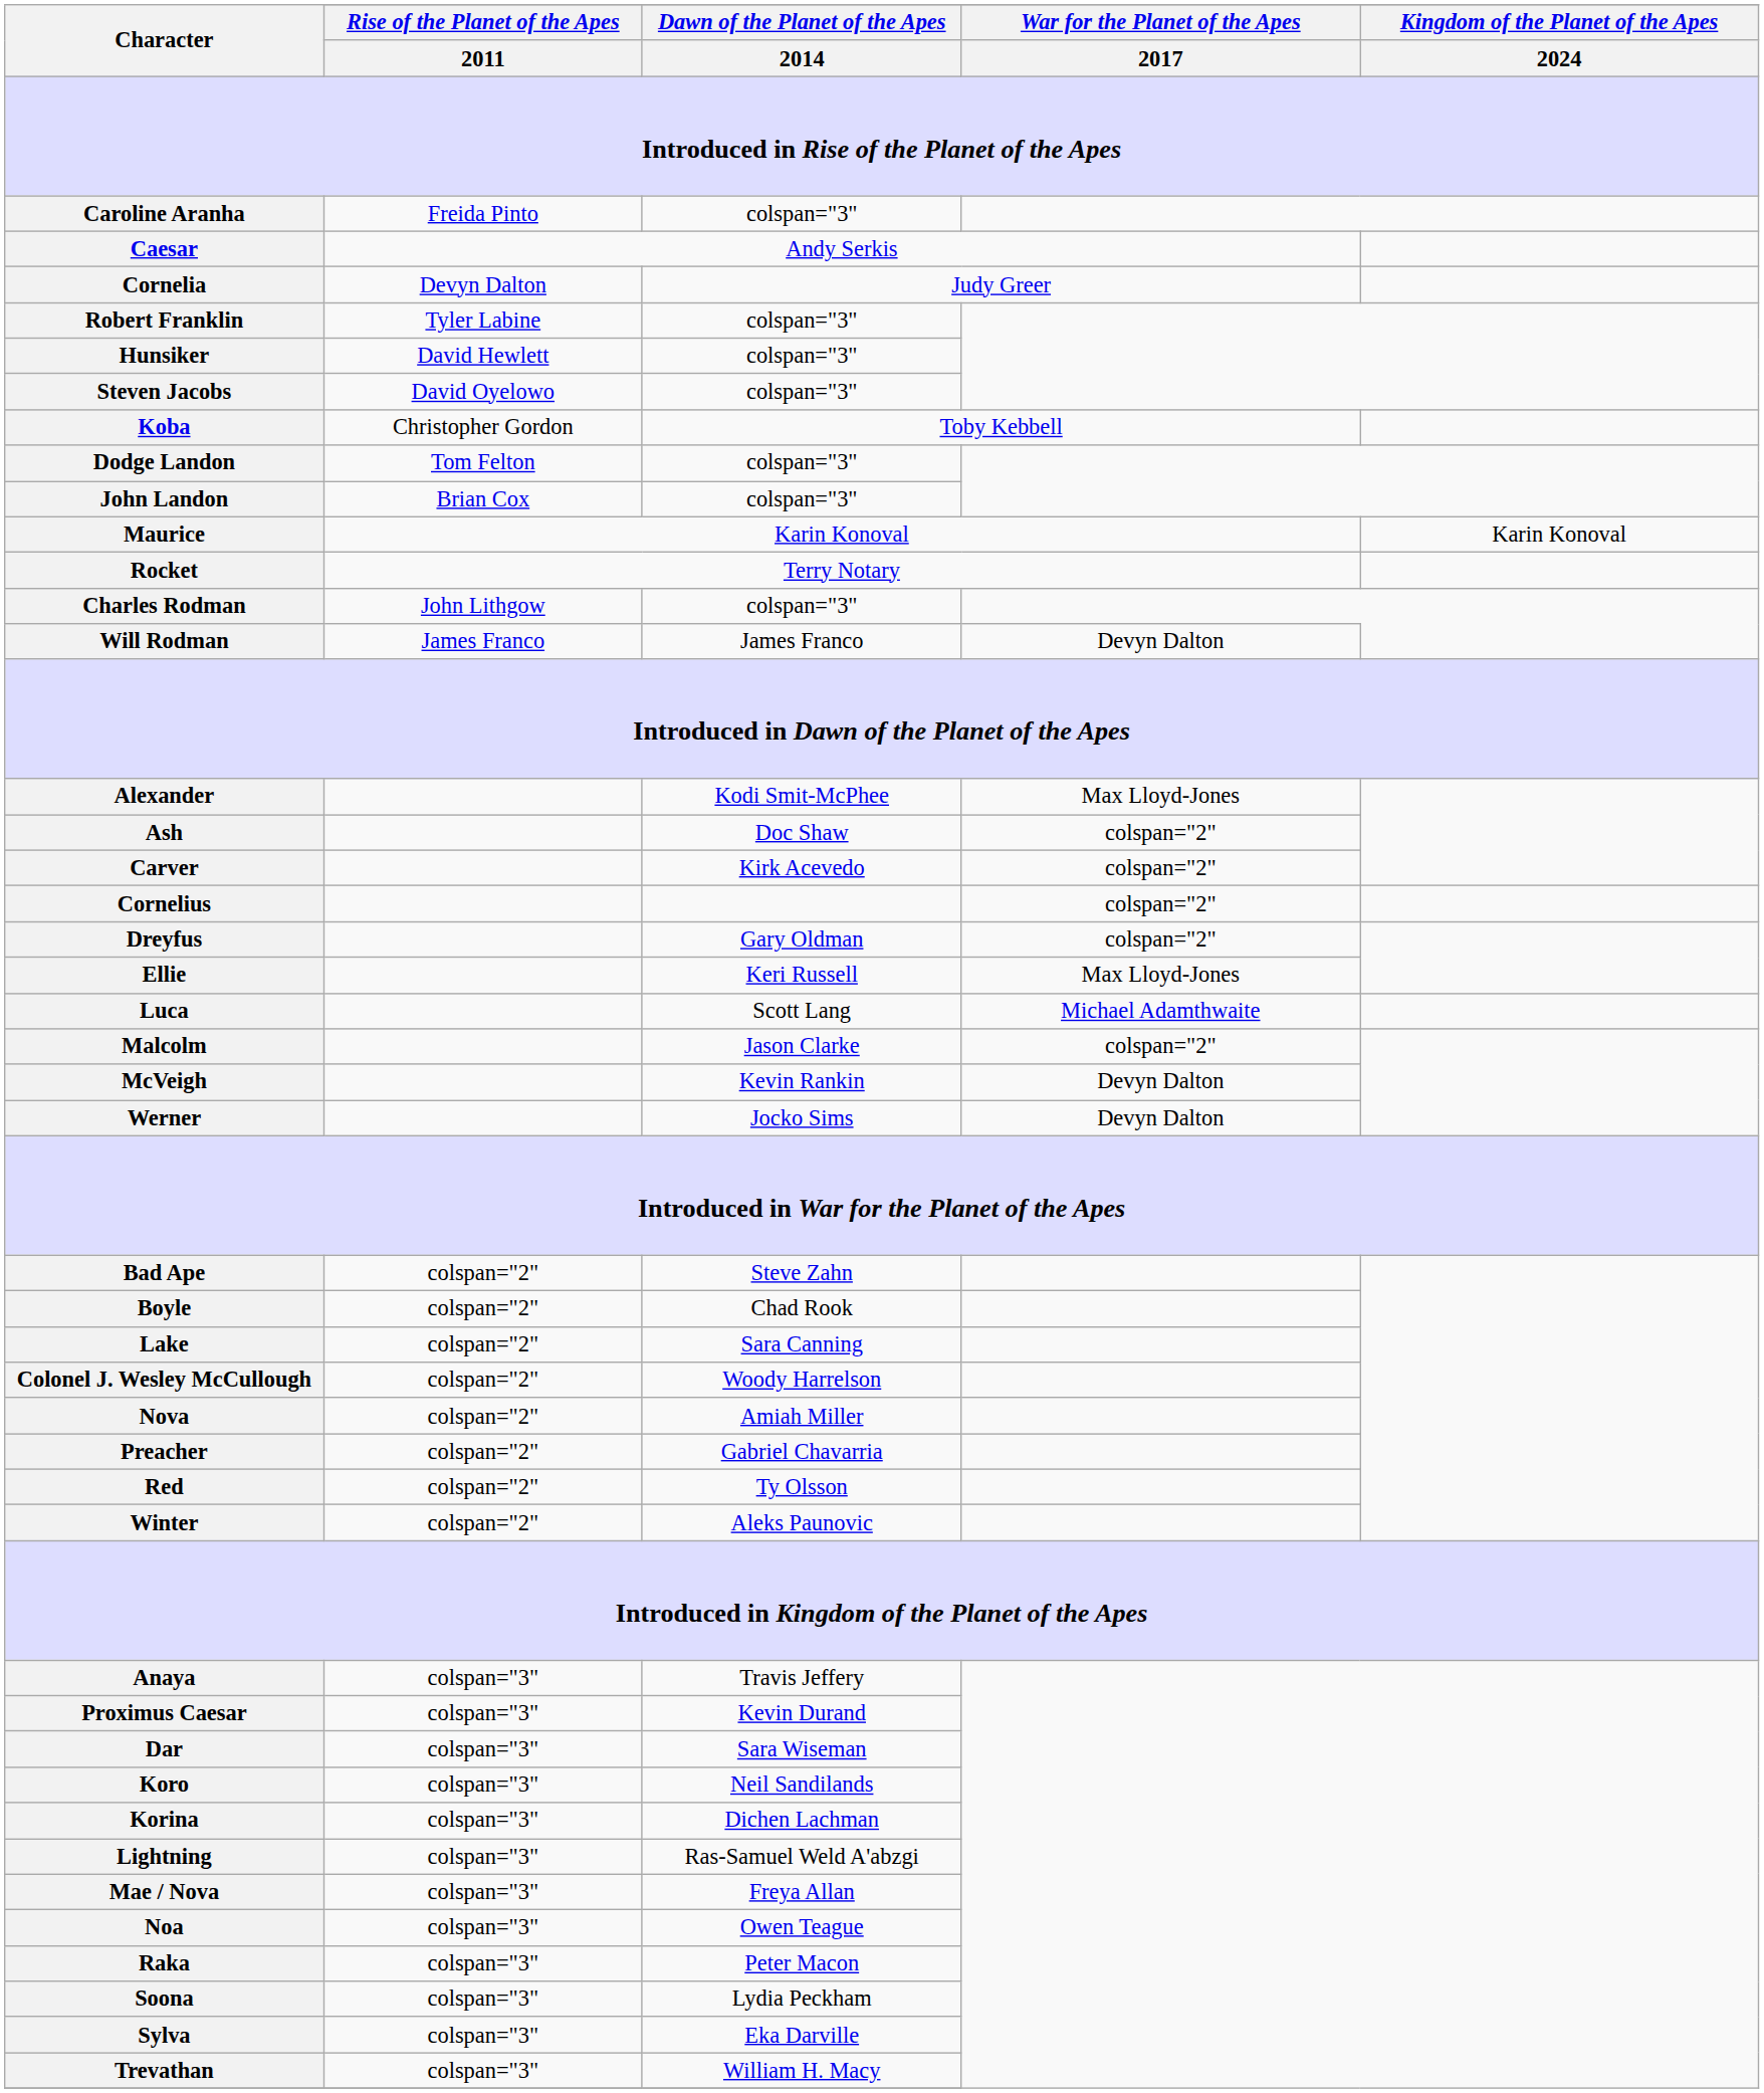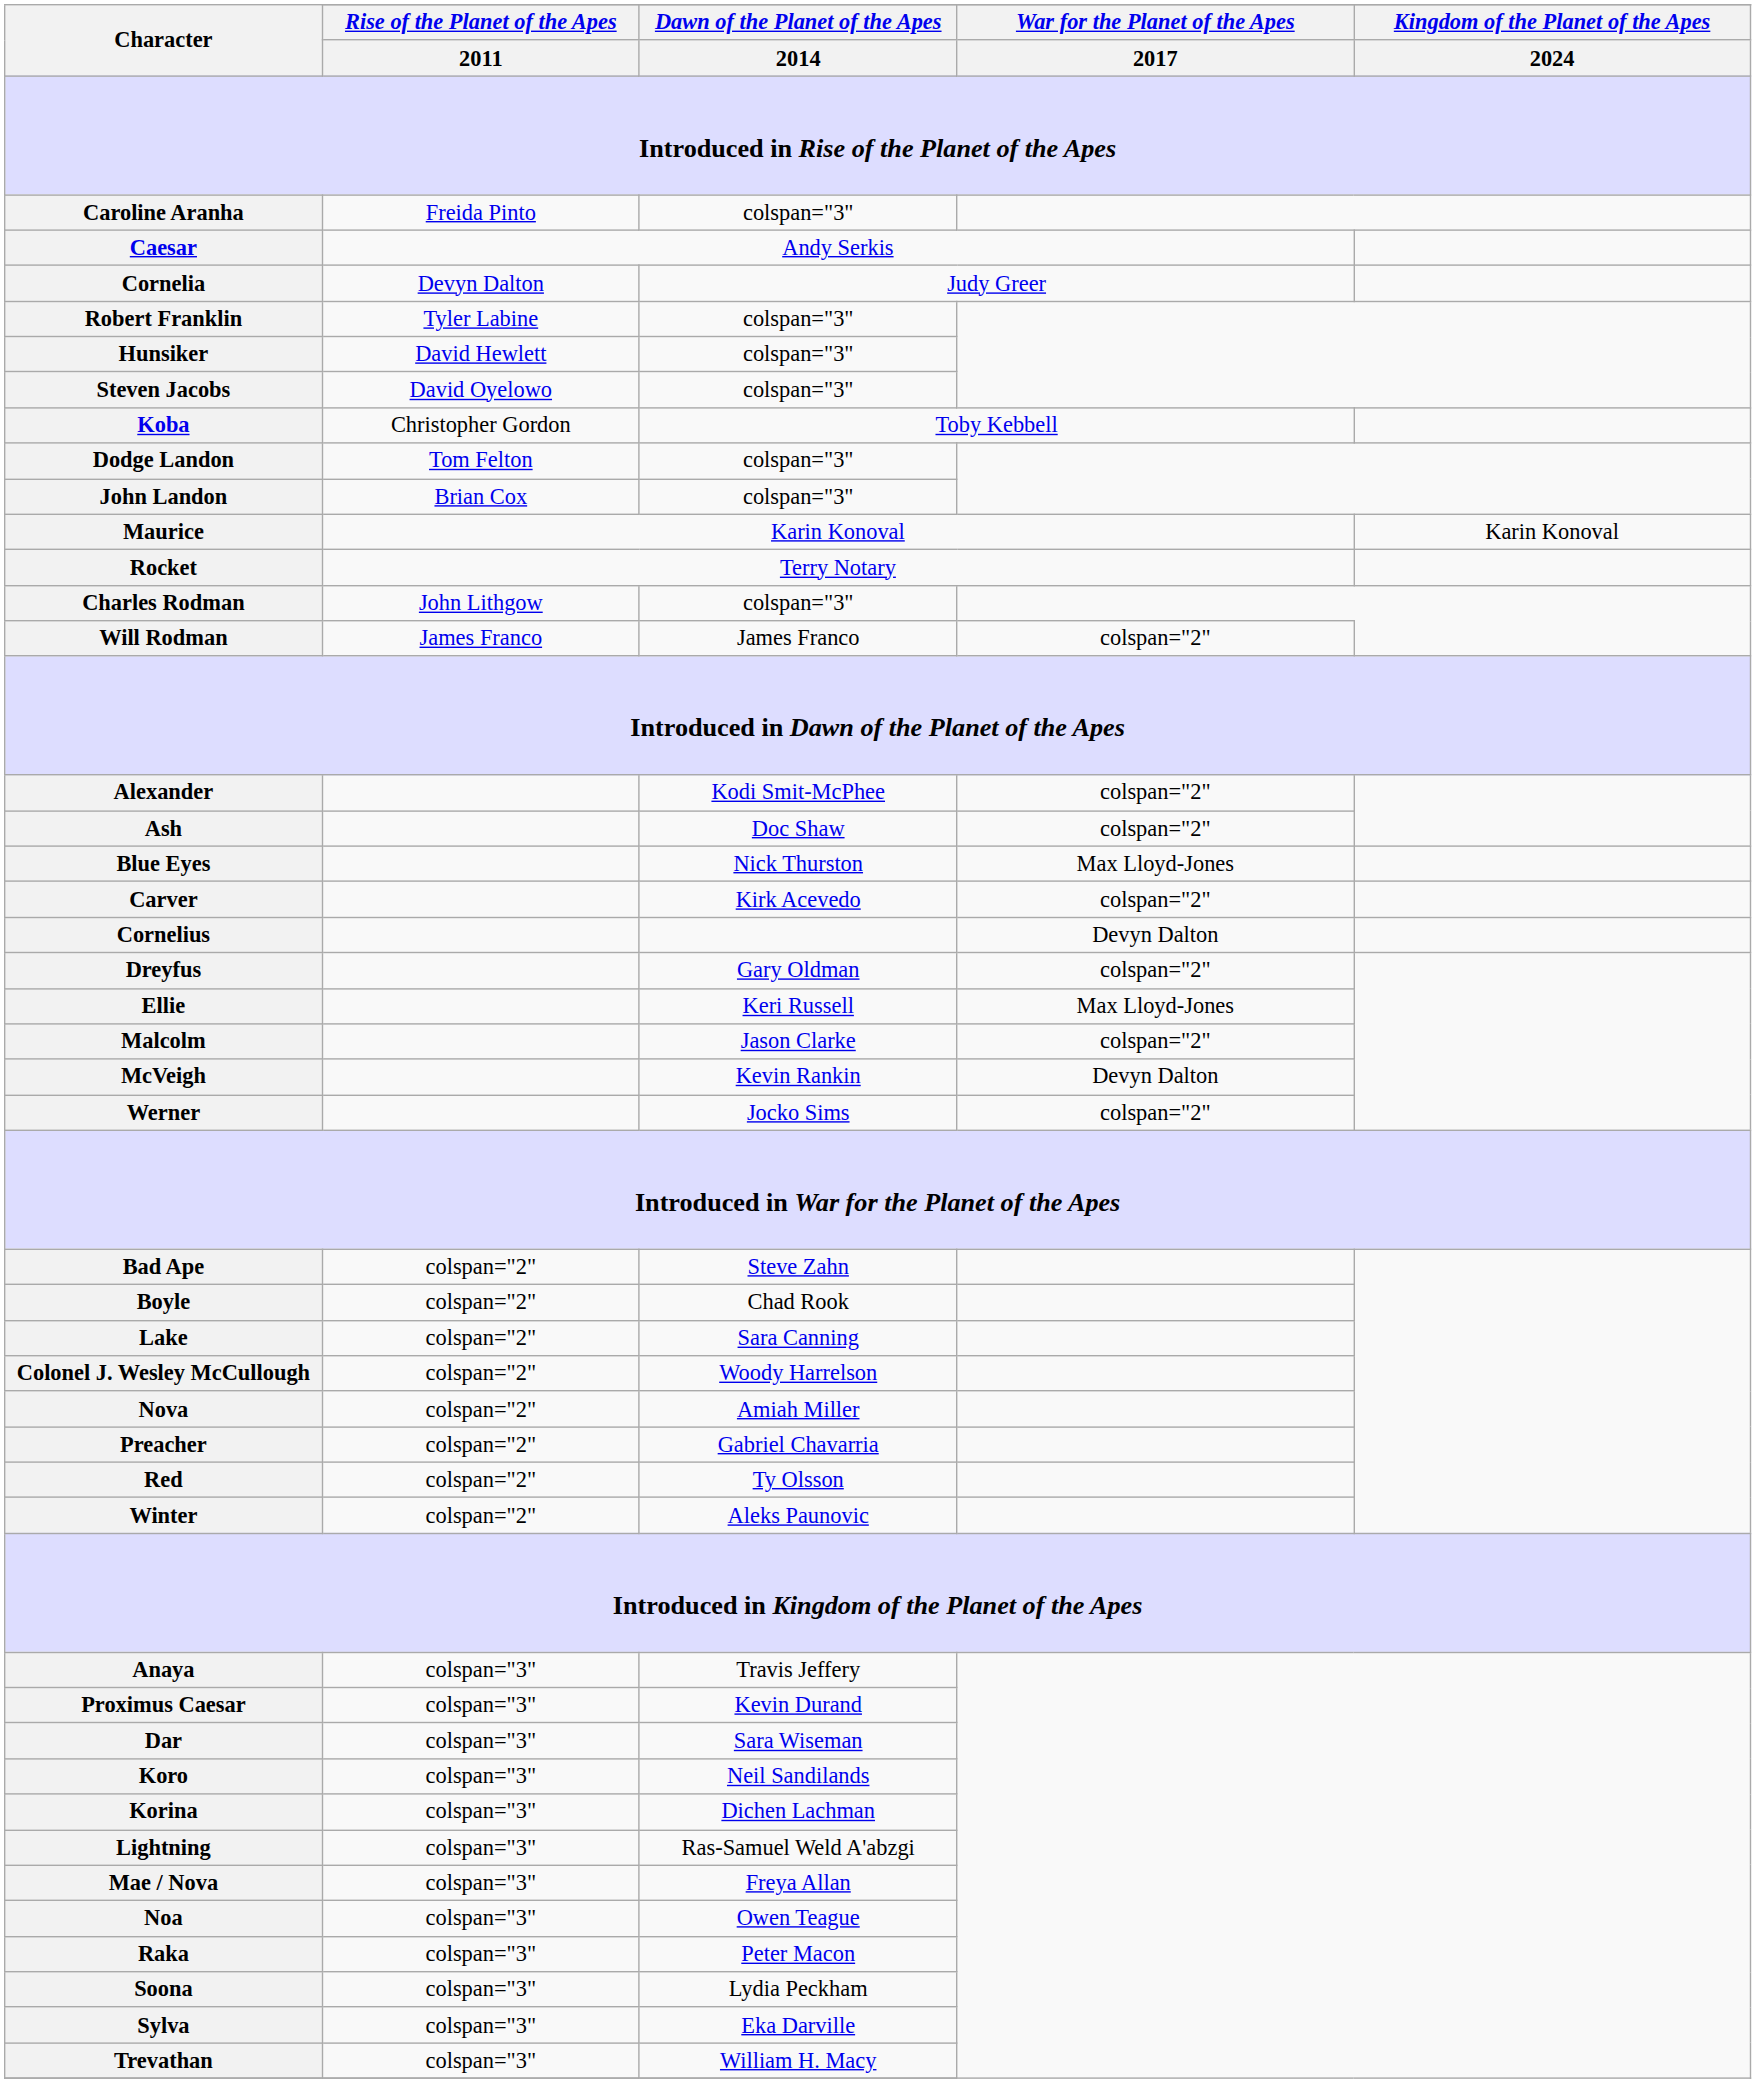 <table class="wikitable" style="text-align:center; width: to 99%">
 <tr>
 <th rowspan="3" style="width:7.6%;">Character</th>
 </tr>
 <tr>
 <th style="text-align:center; width:7.6%;"><em><a href='#'>Rise of the Planet of the Apes</a></em></th>
 <th style="text-align:center; width:7.6%;"><em><a href='#'>Dawn of the Planet of the Apes</a></em></th>
 <th style="text-align:center; width:9.5%;"><em><a href='#'>War for the Planet of the Apes</a></em></th>
 <th style="text-align:center; width:9.5%;"><em><a href='#'>Kingdom of the Planet of the Apes</a></em></th>
 </tr>
 <tr>
 <th>2011</th>
 <th>2014</th>
 <th>2017</th>
 <th>2024</th>
 </tr>
 <tr>
 <th scope="row" colspan="5" style="background:#ddf;"><br><h3>Introduced in <em>Rise of the Planet of the Apes</em></h3></th>
 </tr>
 <tr>
 <th scope="row">Caroline Aranha</th>
 <td><a href='#'>Freida Pinto</a></td>
 <td>colspan="3" </td>
 </tr>
 <tr>
 <th scope="row"><a href='#'>Caesar</a></th>
 <td colspan="3"><a href='#'>Andy Serkis</a></td>
 <td></td>
 </tr>
 <tr>
 <th scope="row">Cornelia</th>
 <td><a href='#'>Devyn Dalton</a></td>
 <td colspan="2"><a href='#'>Judy Greer</a></td>
 <td></td>
 </tr>
 <tr>
 <th scope="row">Robert Franklin</th>
 <td><a href='#'>Tyler Labine</a></td>
 <td>colspan="3" </td>
 </tr>
 <tr>
 <th scope="row">Hunsiker</th>
 <td><a href='#'>David Hewlett</a></td>
 <td>colspan="3" </td>
 </tr>
 <tr>
 <th scope="row">Steven Jacobs</th>
 <td><a href='#'>David Oyelowo</a></td>
 <td>colspan="3" </td>
 </tr>
 <tr>
 <th scope="row"><a href='#'>Koba</a></th>
 <td>Christopher Gordon</td>
 <td colspan="2"><a href='#'>Toby Kebbell</a></td>
 <td></td>
 </tr>
 <tr>
 <th scope="row">Dodge Landon</th>
 <td><a href='#'>Tom Felton</a></td>
 <td>colspan="3" </td>
 </tr>
 <tr>
 <th scope="row">John Landon</th>
 <td><a href='#'>Brian Cox</a></td>
 <td>colspan="3" </td>
 </tr>
 <tr>
 <th scope="row">Maurice</th>
 <td colspan="3"><a href='#'>Karin Konoval</a></td>
 <td>Karin Konoval</td>
 </tr>
 <tr>
 <th scope="row">Rocket</th>
 <td colspan="3"><a href='#'>Terry Notary</a></td>
 <td></td>
 </tr>
 <tr>
 <th scope="row">Charles Rodman</th>
 <td><a href='#'>John Lithgow</a></td>
 <td>colspan="3" </td>
 </tr>
 <tr>
 <th scope="row">Will Rodman</th>
 <td><a href='#'>James Franco</a></td>
 <td>James Franco</td>
-<td>Devyn Dalton</td>
+<td>colspan="2" </td>
 </tr>
 <tr>
 <th scope="row" colspan="5" style="background:#ddf;"><br><h3>Introduced in <em>Dawn of the Planet of the Apes</em></h3></th>
 </tr>
 <tr>
 <th scope="row">Alexander</th>
 <td></td>
 <td><a href='#'>Kodi Smit-McPhee</a></td>
-<td>Max Lloyd-Jones</td>
+<td>colspan="2" </td>
 </tr>
 <tr>
 <th scope="row">Ash</th>
 <td></td>
 <td><a href='#'>Doc Shaw</a></td>
 <td>colspan="2" </td>
+</tr>
+<tr>
+<th scope="row">Blue Eyes</th>
+<td></td>
+<td><a href='#'>Nick Thurston</a></td>
+<td>Max Lloyd-Jones</td>
+<td></td>
 </tr>
 <tr>
 <th scope="row">Carver</th>
 <td></td>
 <td><a href='#'>Kirk Acevedo</a></td>
 <td>colspan="2" </td>
 </tr>
 <tr>
 <th scope="row">Cornelius</th>
 <td></td>
 <td></td>
-<td>colspan="2" </td>
+<td>Devyn Dalton</td>
 <td></td>
 </tr>
 <tr>
 <th scope="row">Dreyfus</th>
 <td></td>
 <td><a href='#'>Gary Oldman</a></td>
 <td>colspan="2" </td>
 </tr>
 <tr>
 <th scope="row">Ellie</th>
 <td></td>
 <td><a href='#'>Keri Russell</a></td>
 <td>Max Lloyd-Jones</td>
-</tr>
-<tr>
-<th scope="row">Luca</th>
-<td></td>
-<td>Scott Lang</td>
-<td><a href='#'>Michael Adamthwaite</a></td>
-<td></td>
 </tr>
 <tr>
 <th scope="row">Malcolm</th>
 <td></td>
 <td><a href='#'>Jason Clarke</a></td>
 <td>colspan="2" </td>
 </tr>
 <tr>
 <th scope="row">McVeigh</th>
 <td></td>
 <td><a href='#'>Kevin Rankin</a></td>
 <td>Devyn Dalton</td>
 </tr>
 <tr>
 <th scope="row">Werner</th>
 <td></td>
 <td><a href='#'>Jocko Sims</a></td>
-<td>Devyn Dalton</td>
+<td>colspan="2" </td>
 </tr>
 <tr>
 <th scope="row" colspan="5" style="background:#ddf;"><br><h3>Introduced in <em>War for the Planet of the Apes</em></h3></th>
 </tr>
 <tr>
 <th scope="row">Bad Ape</th>
 <td>colspan="2" </td>
 <td><a href='#'>Steve Zahn</a></td>
 <td></td>
 </tr>
 <tr>
 <th scope="row">Boyle</th>
 <td>colspan="2" </td>
 <td>Chad Rook</td>
 <td></td>
 </tr>
 <tr>
 <th scope="row">Lake</th>
 <td>colspan="2" </td>
 <td><a href='#'>Sara Canning</a></td>
 <td></td>
 </tr>
 <tr>
 <th scope="row">Colonel J. Wesley McCullough</th>
 <td>colspan="2" </td>
 <td><a href='#'>Woody Harrelson</a></td>
 <td></td>
 </tr>
 <tr>
 <th scope="row">Nova</th>
 <td>colspan="2" </td>
 <td><a href='#'>Amiah Miller</a></td>
 <td></td>
 </tr>
 <tr>
 <th scope="row">Preacher</th>
 <td>colspan="2" </td>
 <td><a href='#'>Gabriel Chavarria</a></td>
 <td></td>
 </tr>
 <tr>
 <th scope="row">Red</th>
 <td>colspan="2" </td>
 <td><a href='#'>Ty Olsson</a></td>
 <td></td>
 </tr>
 <tr>
 <th scope="row">Winter</th>
 <td>colspan="2" </td>
 <td><a href='#'>Aleks Paunovic</a></td>
 <td></td>
 </tr>
 <tr>
 <th scope="row" colspan="5" style="background:#ddf;"><br><h3>Introduced in <em>Kingdom of the Planet of the Apes</em></h3></th>
 </tr>
 <tr>
 <th scope="row">Anaya</th>
 <td>colspan="3" </td>
 <td>Travis Jeffery</td>
 </tr>
 <tr>
 <th scope="row">Proximus Caesar</th>
 <td>colspan="3" </td>
 <td><a href='#'>Kevin Durand</a></td>
 </tr>
 <tr>
 <th scope="row">Dar</th>
 <td>colspan="3" </td>
 <td><a href='#'>Sara Wiseman</a></td>
 </tr>
 <tr>
 <th scope="row">Koro</th>
 <td>colspan="3" </td>
 <td><a href='#'>Neil Sandilands</a></td>
 </tr>
 <tr>
 <th scope="row">Korina</th>
 <td>colspan="3" </td>
 <td><a href='#'>Dichen Lachman</a></td>
 </tr>
 <tr>
 <th scope="row">Lightning</th>
 <td>colspan="3" </td>
 <td>Ras-Samuel Weld A'abzgi</td>
 </tr>
 <tr>
 <th scope="row">Mae / Nova</th>
 <td>colspan="3" </td>
 <td><a href='#'>Freya Allan</a></td>
 </tr>
 <tr>
 <th scope="row">Noa</th>
 <td>colspan="3" </td>
 <td><a href='#'>Owen Teague</a></td>
 </tr>
 <tr>
 <th scope="row">Raka</th>
 <td>colspan="3" </td>
 <td><a href='#'>Peter Macon</a></td>
 </tr>
 <tr>
 <th scope="row">Soona</th>
 <td>colspan="3" </td>
 <td>Lydia Peckham</td>
 </tr>
 <tr>
 <th scope="row">Sylva</th>
 <td>colspan="3" </td>
 <td><a href='#'>Eka Darville</a></td>
 </tr>
 <tr>
 <th scope="row">Trevathan</th>
 <td>colspan="3" </td>
 <td><a href='#'>William H. Macy</a></td>
 </tr>
 <tr>
 </tr>
 </table>
